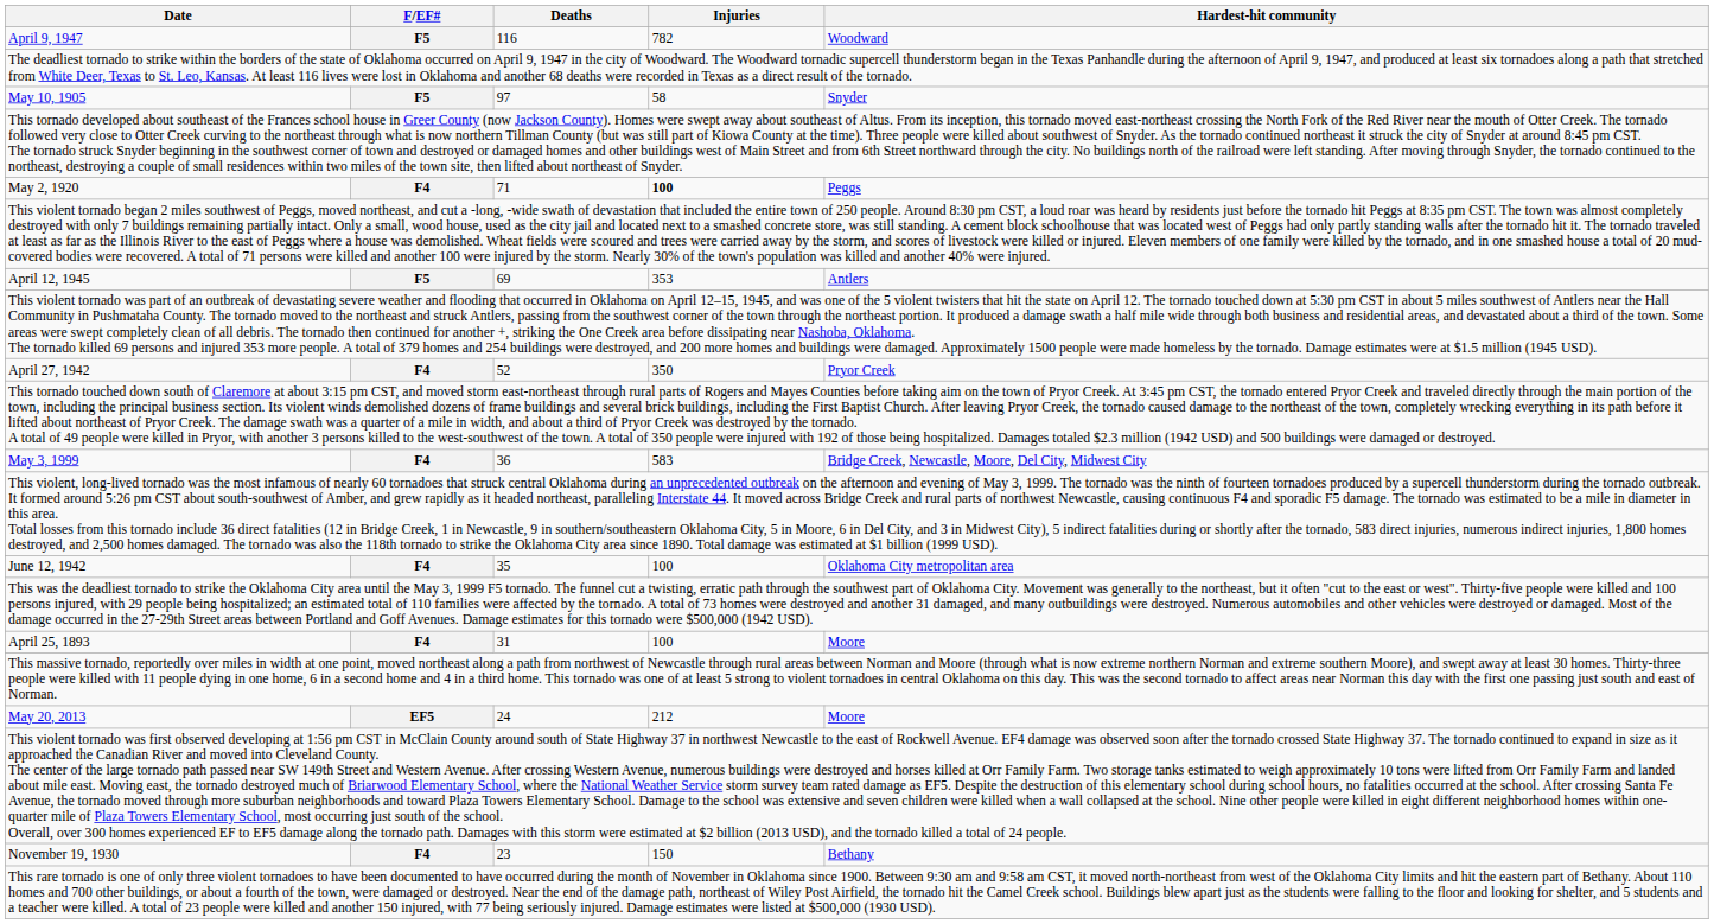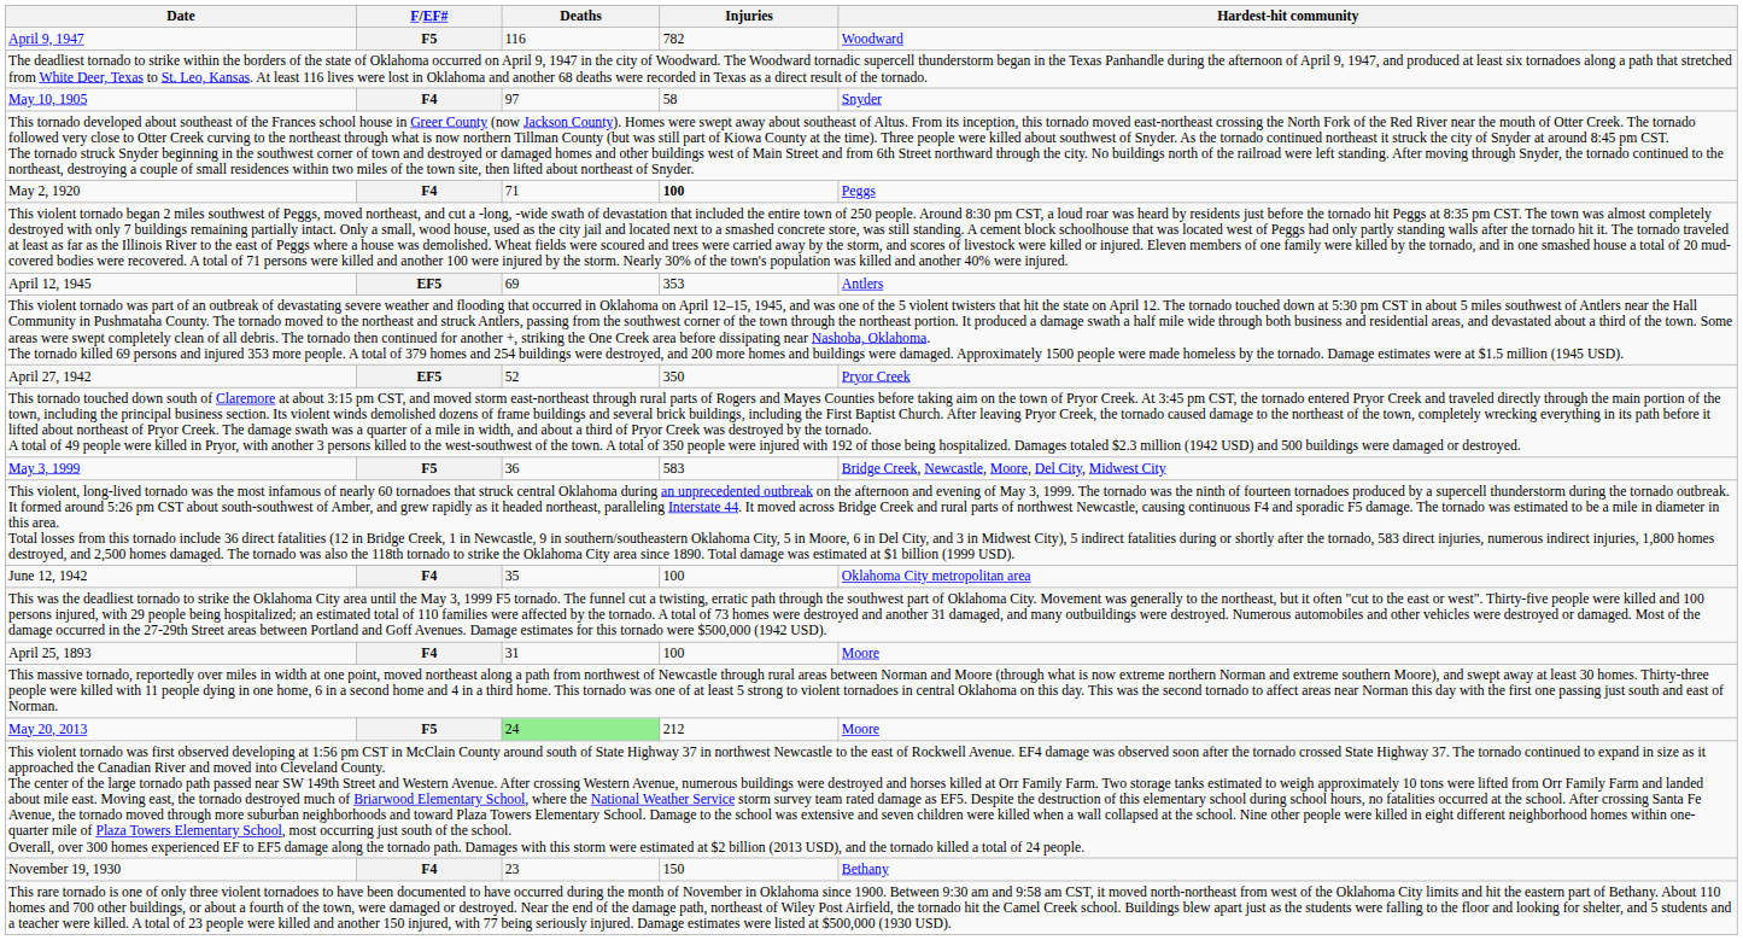 <table class="wikitable">
 <tr>
 <th>Date</th>
 <th><a href='#'>F</a>/<a href='#'>EF#</a></th>
 <th>Deaths</th>
 <th>Injuries</th>
 <th>Hardest-hit community</th>
 </tr>
 <tr>
 <td><a href='#'>April 9, 1947</a></td>
 <th scope="row" rowspan="1" style="background-color:#">F5</th>
 <td>116</td>
 <td>782</td>
 <td><a href='#'>Woodward</a></td>
 </tr>
 <tr>
 <td colspan="5">The deadliest tornado to strike within the borders of the state of Oklahoma occurred on April 9, 1947 in the city of Woodward. The Woodward tornadic supercell thunderstorm began in the Texas Panhandle during the afternoon of April 9, 1947, and produced at least six tornadoes along a  path that stretched from <a href='#'>White Deer, Texas</a> to <a href='#'>St. Leo, Kansas</a>. At least 116 lives were lost in Oklahoma and another 68 deaths were recorded in Texas as a direct result of the tornado.</td>
 </tr>
 <tr>
 <td><a href='#'>May 10, 1905</a></td>
-<th scope="row" rowspan="1" style="background-color:#">F5</th>
+<th scope="row" rowspan="1" style="background-color:#">F4</th>
 <td>97</td>
 <td>58</td>
 <td><a href='#'>Snyder</a></td>
 </tr>
 <tr>
 <td colspan="5">This tornado developed about  southeast of the Frances school house in <a href='#'>Greer County</a> (now <a href='#'>Jackson County</a>). Homes were swept away about  southeast of Altus. From its inception, this tornado moved east-northeast crossing the North Fork of the Red River near the mouth of Otter Creek. The tornado followed very close to Otter Creek curving to the northeast through what is now northern Tillman County (but was still part of Kiowa County at the time). Three people were killed about  southwest of Snyder. As the tornado continued northeast it struck the city of Snyder at around 8:45 pm CST.<br>The tornado struck Snyder beginning in the southwest corner of town and destroyed or damaged homes and other buildings west of Main Street and from 6th Street northward through the city. No buildings north of the railroad were left standing. After moving through Snyder, the tornado continued to the northeast, destroying a couple of small residences within two miles of the town site, then lifted about  northeast of Snyder.</td>
 </tr>
 <tr>
 <td>May 2, 1920</td>
 <th scope="row" rowspan="1" style="background-color:#">F4</th>
 <td>71</td>
 <td><strong>100</strong></td>
 <td><a href='#'>Peggs</a></td>
 </tr>
 <tr>
 <td colspan="5">This violent tornado began 2 miles southwest of Peggs, moved northeast, and cut a -long, -wide swath of devastation that included the entire town of 250 people. Around 8:30 pm CST, a loud roar was heard by residents just before the tornado hit Peggs at 8:35 pm CST. The town was almost completely destroyed with only 7 buildings remaining partially intact. Only a small, wood house, used as the city jail and located next to a smashed concrete store, was still standing. A cement block schoolhouse that was located west of Peggs had only partly standing walls after the tornado hit it. The tornado traveled at least as far as the Illinois River to the east of Peggs where a house was demolished. Wheat fields were scoured and trees were carried away by the storm, and scores of livestock were killed or injured. Eleven members of one family were killed by the tornado, and in one smashed house a total of 20 mud-covered bodies were recovered. A total of 71 persons were killed and another 100 were injured by the storm. Nearly 30% of the town's population was killed and another 40% were injured.</td>
 </tr>
 <tr>
 <td>April 12, 1945</td>
-<th scope="row" rowspan="1" style="background-color:#">F5</th>
+<th scope="row" rowspan="1" style="background-color:#">EF5</th>
 <td>69</td>
 <td>353</td>
 <td><a href='#'>Antlers</a></td>
 </tr>
 <tr>
 <td colspan="5">This violent tornado was part of an outbreak of devastating severe weather and flooding that occurred in Oklahoma on April 12–15, 1945, and was one of the 5 violent twisters that hit the state on April 12. The tornado touched down at 5:30 pm CST in about 5 miles southwest of Antlers near the Hall Community in Pushmataha County. The tornado moved to the northeast and struck Antlers, passing from the southwest corner of the town through the northeast portion. It produced a damage swath a half mile wide through both business and residential areas, and devastated about a third of the town. Some areas were swept completely clean of all debris. The tornado then continued for another +, striking the One Creek area before dissipating near <a href='#'>Nashoba, Oklahoma</a>.<br>The tornado killed 69 persons and injured 353 more people. A total of 379 homes and 254 buildings were destroyed, and 200 more homes and buildings were damaged. Approximately 1500 people were made homeless by the tornado. Damage estimates were at $1.5 million (1945 USD).</td>
 </tr>
 <tr>
 <td>April 27, 1942</td>
-<th scope="row" rowspan="1" style="background-color:#">F4</th>
+<th scope="row" rowspan="1" style="background-color:#">EF5</th>
 <td>52</td>
 <td>350</td>
 <td><a href='#'>Pryor Creek</a></td>
 </tr>
 <tr>
 <td colspan="5">This tornado touched down  south of <a href='#'>Claremore</a> at about 3:15 pm CST, and moved storm east-northeast through rural parts of Rogers and Mayes Counties before taking aim on the town of Pryor Creek. At 3:45 pm CST, the tornado entered Pryor Creek and traveled directly through the main portion of the town, including the principal business section. Its violent winds demolished dozens of frame buildings and several brick buildings, including the First Baptist Church. After leaving Pryor Creek, the tornado caused damage to the northeast of the town, completely wrecking everything in its path before it lifted about  northeast of Pryor Creek. The damage swath was a quarter of a mile in width, and about a third of Pryor Creek was destroyed by the tornado.<br>A total of 49 people were killed in Pryor, with another 3 persons killed to the west-southwest of the town. A total of 350 people were injured with 192 of those being hospitalized. Damages totaled $2.3 million (1942 USD) and 500 buildings were damaged or destroyed.</td>
 </tr>
 <tr>
 <td><a href='#'>May 3, 1999</a></td>
-<th scope="row" rowspan="1" style="background-color:#">F4</th>
+<th scope="row" rowspan="1" style="background-color:#">F5</th>
 <td>36</td>
 <td>583</td>
 <td><a href='#'>Bridge Creek</a>, <a href='#'>Newcastle</a>, <a href='#'>Moore</a>, <a href='#'>Del City</a>, <a href='#'>Midwest City</a></td>
 </tr>
 <tr>
 <td colspan="5">This violent, long-lived tornado was the most infamous of nearly 60 tornadoes that struck central Oklahoma during <a href='#'>an unprecedented outbreak</a> on the afternoon and evening of   May 3, 1999. The tornado was the ninth of fourteen tornadoes produced by a supercell thunderstorm during the tornado outbreak. It formed around 5:26 pm CST about  south-southwest of Amber, and grew rapidly as it headed northeast, paralleling <a href='#'>Interstate 44</a>. It moved across Bridge Creek and rural parts of northwest Newcastle, causing continuous F4 and sporadic F5 damage. The tornado was estimated to be a mile in diameter in this area.<br>Total losses from this tornado include 36 direct fatalities (12 in Bridge Creek, 1 in Newcastle, 9 in southern/southeastern Oklahoma City, 5 in Moore, 6 in Del City, and 3 in Midwest City), 5 indirect fatalities during or shortly after the tornado, 583 direct injuries, numerous indirect injuries, 1,800 homes destroyed, and 2,500 homes damaged. The tornado was also the 118th tornado to strike the Oklahoma City area since 1890. Total damage was estimated at $1 billion (1999 USD).</td>
 </tr>
 <tr>
 <td>June 12, 1942</td>
 <th scope="row" rowspan="1" style="background-color:#">F4</th>
 <td>35</td>
 <td>100</td>
 <td><a href='#'>Oklahoma City metropolitan area</a></td>
 </tr>
 <tr>
 <td colspan="5">This was the deadliest tornado to strike the Oklahoma City area until the May 3, 1999 F5 tornado. The funnel cut a twisting, erratic path through the southwest part of Oklahoma City. Movement was generally to the northeast, but it often "cut to the east or west". Thirty-five people were killed and 100 persons injured, with 29 people being hospitalized; an estimated total of 110 families were affected by the tornado. A total of 73 homes were destroyed and another 31 damaged, and many outbuildings were destroyed. Numerous automobiles and other vehicles were destroyed or damaged. Most of the damage occurred in the 27-29th Street areas between Portland and Goff Avenues. Damage estimates for this tornado were $500,000 (1942 USD).</td>
 </tr>
 <tr>
 <td>April 25, 1893</td>
 <th scope="row" rowspan="1" style="background-color:#">F4</th>
 <td>31</td>
 <td>100</td>
 <td><a href='#'>Moore</a></td>
 </tr>
 <tr>
 <td colspan="5">This massive tornado, reportedly over  miles in width at one point, moved northeast along a  path from northwest of Newcastle through rural areas between Norman and Moore (through what is now extreme northern Norman and extreme southern Moore), and swept away at least 30 homes. Thirty-three people were killed with 11 people dying in one home, 6 in a second home and 4 in a third home. This tornado was one of at least 5 strong to violent tornadoes in central Oklahoma on this day. This was the second tornado to affect areas near Norman this day with the first one passing just south and east of Norman.</td>
 </tr>
 <tr>
 <td><a href='#'>May 20, 2013</a></td>
-<th scope="row" rowspan="1" style="background-color:#">EF5</th>
-<td>24</td>
+<th scope="row" rowspan="1" style="background-color:#">F5</th>
+<td style="background: lightgreen;">24</td>
 <td>212</td>
 <td><a href='#'>Moore</a></td>
 </tr>
 <tr>
 <td colspan="5">This violent tornado was first observed developing at 1:56 pm CST in McClain County around  south of State Highway 37 in northwest Newcastle to the east of Rockwell Avenue. EF4 damage was observed soon after the tornado crossed State Highway 37. The tornado continued to expand in size as it approached the Canadian River and moved into Cleveland County.<br>The center of the large tornado path passed near SW 149th Street and Western Avenue. After crossing Western Avenue, numerous buildings were destroyed and horses killed at Orr Family Farm. Two storage tanks estimated to weigh approximately 10 tons were lifted from Orr Family Farm and landed about  mile east. Moving east, the tornado destroyed much of <a href='#'>Briarwood Elementary School</a>, where the <a href='#'>National Weather Service</a> storm survey team rated damage as EF5. Despite the destruction of this elementary school during school hours, no fatalities occurred at the school. After crossing Santa Fe Avenue, the tornado moved through more suburban neighborhoods and toward Plaza Towers Elementary School. Damage to the school was extensive and seven children were killed when a wall collapsed at the school. Nine other people were killed in eight different neighborhood homes within one-quarter mile of <a href='#'>Plaza Towers Elementary School</a>, most occurring just south of the school.<br>Overall, over 300 homes experienced EF to EF5 damage along the tornado path. Damages with this storm were estimated at $2 billion (2013 USD), and the tornado killed a total of 24 people.</td>
 </tr>
 <tr>
 <td>November 19, 1930</td>
 <th scope="row" rowspan="1" style="background-color:#">F4</th>
 <td>23</td>
 <td>150</td>
 <td><a href='#'>Bethany</a></td>
 </tr>
 <tr>
 <td colspan="5">This rare tornado is one of only three violent tornadoes to have been documented to have occurred during the month of November in Oklahoma since 1900. Between 9:30 am and 9:58 am CST, it moved north-northeast from  west of the Oklahoma City limits and hit the eastern part of Bethany. About 110 homes and 700 other buildings, or about a fourth of the town, were damaged or destroyed. Near the end of the damage path,  northeast of Wiley Post Airfield, the tornado hit the Camel Creek school. Buildings blew apart just as the students were falling to the floor and looking for shelter, and 5 students and a teacher were killed. A total of 23 people were killed and another 150 injured, with 77 being seriously injured. Damage estimates were listed at $500,000 (1930 USD).</td>
 </tr>
 </table>
